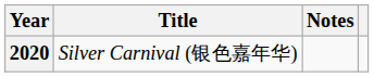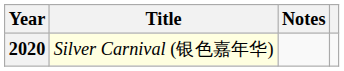 <table class="wikitable sortable plainrowheaders">
 <tr>
 <th scope="col">Year</th>
 <th scope="col">Title</th>
 <th scope="col" class="unsortable">Notes</th>
 <th scope="col" class="unsortable"></th>
 </tr>
 <tr>
 <th scope="row">2020</th>
-<td><em>Silver Carnival</em> (银色嘉年华)</td>
+<td style="background: lightyellow;"><em>Silver Carnival</em> (银色嘉年华)</td>
 <td></td>
 </tr>
 </table>
